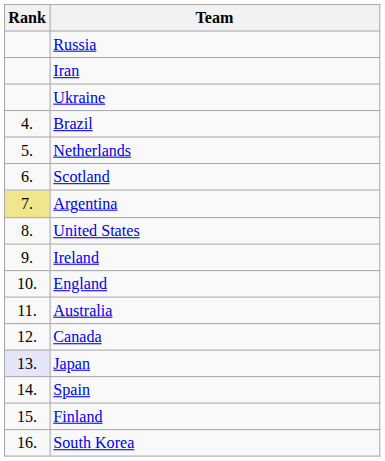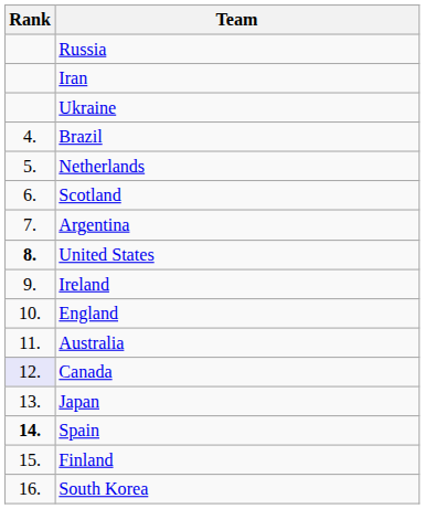 <table class="wikitable" style="font-size:95%">
 <tr>
 <th>Rank</th>
 <th align="left" style="width: 20em">Team</th>
 </tr>
 <tr>
 <td align="center"></td>
 <td> <a href='#'>Russia</a></td>
 </tr>
 <tr>
 <td align="center"></td>
 <td> <a href='#'>Iran</a></td>
 </tr>
 <tr>
 <td align="center"></td>
 <td> <a href='#'>Ukraine</a></td>
 </tr>
 <tr>
 <td rowspan=1 align="center">4.</td>
 <td> <a href='#'>Brazil</a></td>
 </tr>
 <tr>
 <td rowspan=1 align="center">5.</td>
 <td> <a href='#'>Netherlands</a></td>
 </tr>
 <tr>
 <td rowspan=1 align="center">6.</td>
 <td> <a href='#'>Scotland</a></td>
 </tr>
 <tr>
-<td rowspan=1 align="center" style="background: khaki;">7.</td>
+<td rowspan=1 align="center">7.</td>
 <td> <a href='#'>Argentina</a></td>
 </tr>
 <tr>
-<td rowspan=1 align="center">8.</td>
+<td rowspan=1 align="center"><strong>8.</strong></td>
 <td> <a href='#'>United States</a></td>
 </tr>
 <tr>
 <td rowspan=1 align="center">9.</td>
 <td> <a href='#'>Ireland</a></td>
 </tr>
 <tr>
 <td rowspan=1 align="center">10.</td>
 <td> <a href='#'>England</a></td>
 </tr>
 <tr>
 <td rowspan=1 align="center">11.</td>
 <td> <a href='#'>Australia</a></td>
 </tr>
 <tr>
-<td rowspan=1 align="center">12.</td>
+<td rowspan=1 align="center" style="background: lavender;">12.</td>
 <td> <a href='#'>Canada</a></td>
 </tr>
 <tr>
-<td rowspan=1 align="center" style="background: lavender;">13.</td>
+<td rowspan=1 align="center">13.</td>
 <td> <a href='#'>Japan</a></td>
 </tr>
 <tr>
-<td rowspan=1 align="center">14.</td>
+<td rowspan=1 align="center"><strong>14.</strong></td>
 <td> <a href='#'>Spain</a></td>
 </tr>
 <tr>
 <td rowspan=1 align="center">15.</td>
 <td> <a href='#'>Finland</a></td>
 </tr>
 <tr>
 <td rowspan=1 align="center">16.</td>
 <td> <a href='#'>South Korea</a></td>
 </tr>
 </table>
